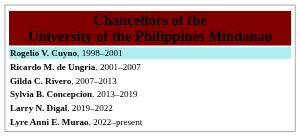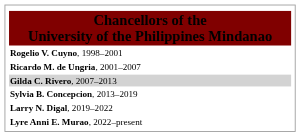 <table style="float:right; margin:1em 1em 1em 1em; width:20em; border: 1px solid #a0a0a0; padding: 2px; bg-color=yellow; text-align:right;">
 <tr style="text-align:center;">
 </tr>
 <tr bgcolor="#800000" align="center">
 <td><span><strong>Chancellors of the<br>University of the Philippines Mindanao</strong></span></td>
 </tr>
 <tr style="text-align:left; font-size:x-small;">
-<td style="background: paleturquoise;"><strong>Rogelio V. Cuyno</strong>, 1998–2001</td>
+<td><strong>Rogelio V. Cuyno</strong>, 1998–2001</td>
 </tr>
 <tr style="text-align:left; font-size:x-small;">
 <td><strong>Ricardo M. de Ungria</strong>, 2001–2007</td>
 </tr>
 <tr style="text-align:left; font-size:x-small;">
-<td><strong>Gilda C. Rivero</strong>, 2007–2013</td>
+<td style="background: lightgrey;"><strong>Gilda C. Rivero</strong>, 2007–2013</td>
 </tr>
 <tr style="text-align:left; font-size:x-small;">
 <td><strong>Sylvia B. Concepcion</strong>, 2013–2019</td>
 </tr>
 <tr style="text-align:left; font-size:x-small;">
 <td><strong>Larry N. Digal</strong>, 2019–2022</td>
 </tr>
 <tr style="text-align:left; font-size:x-small;">
 <td><strong>Lyre Anni E. Murao</strong>, 2022–present</td>
 </tr>
 </table>
